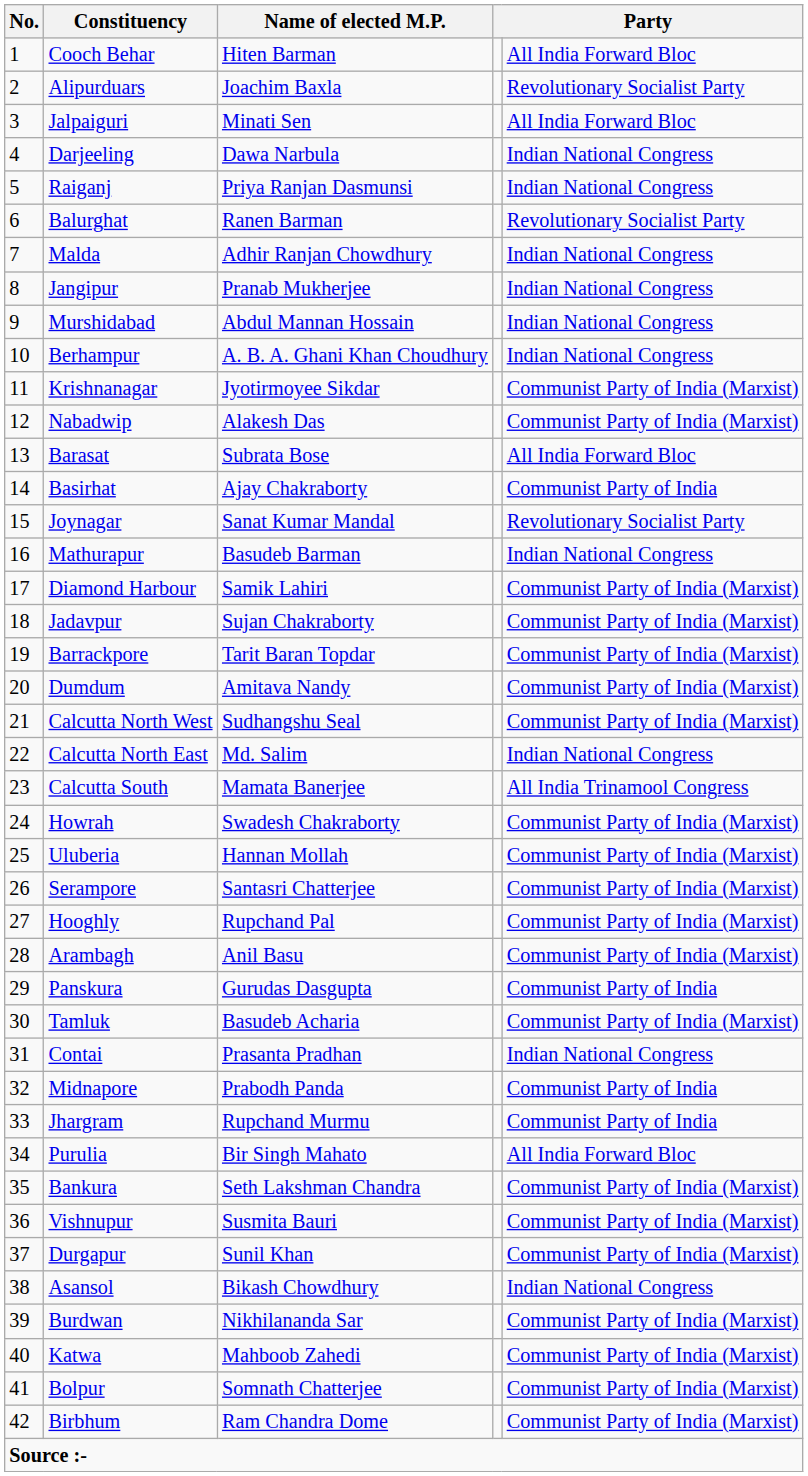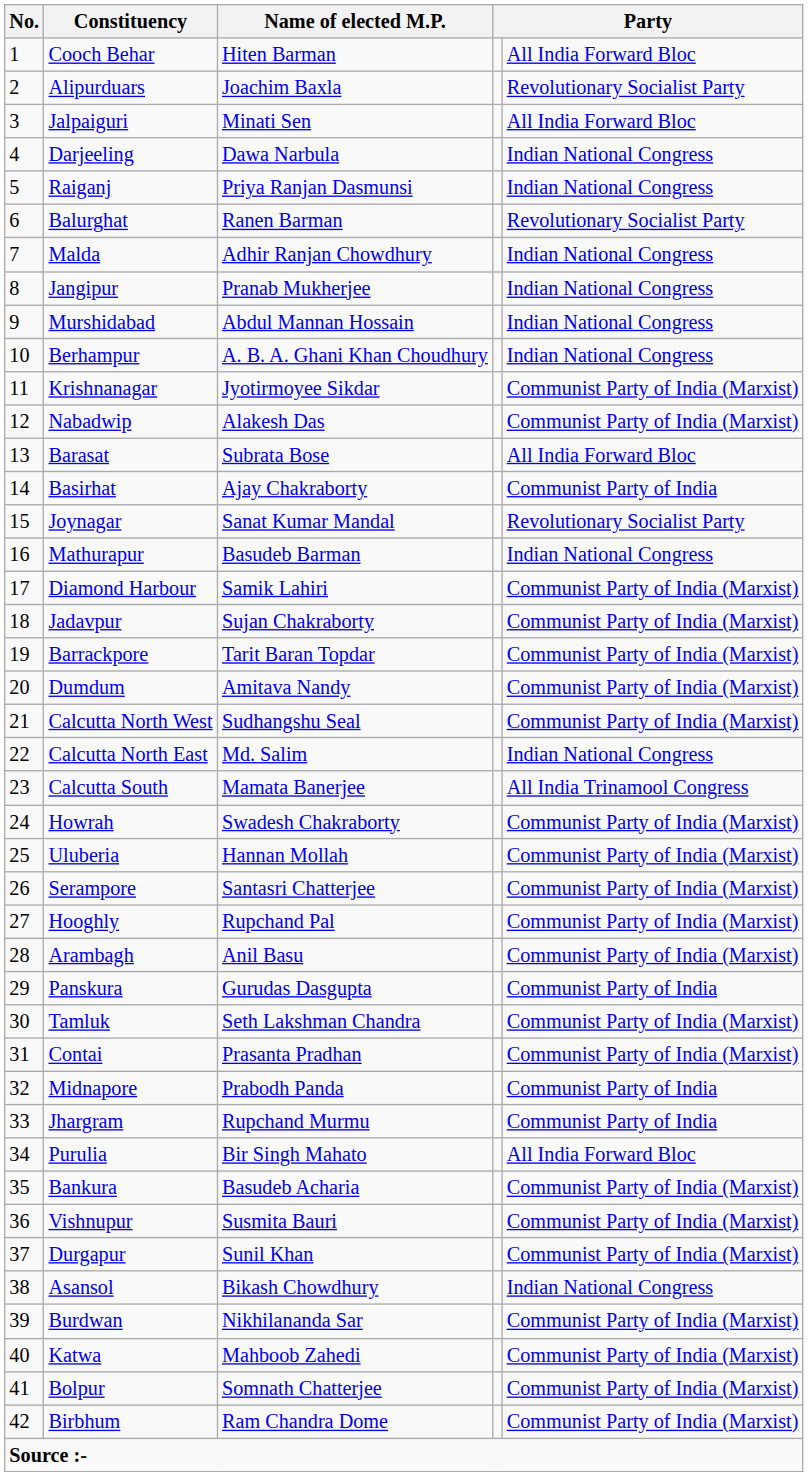 <table class="sortable wikitable" style="font-size: 95%;">
 <tr>
 <th>No.</th>
 <th>Constituency</th>
 <th>Name of elected M.P.</th>
 <th colspan="2">Party</th>
 </tr>
 <tr>
 <td>1</td>
 <td><a href='#'>Cooch Behar</a></td>
 <td><a href='#'>Hiten Barman</a></td>
 <td></td>
 <td><a href='#'>All India Forward Bloc</a></td>
 </tr>
 <tr>
 <td>2</td>
 <td><a href='#'>Alipurduars</a></td>
 <td><a href='#'>Joachim Baxla</a></td>
 <td></td>
 <td><a href='#'>Revolutionary Socialist Party</a></td>
 </tr>
 <tr>
 <td>3</td>
 <td><a href='#'>Jalpaiguri</a></td>
 <td><a href='#'>Minati Sen</a></td>
 <td></td>
 <td><a href='#'>All India Forward Bloc</a></td>
 </tr>
 <tr>
 <td>4</td>
 <td><a href='#'>Darjeeling</a></td>
 <td><a href='#'>Dawa Narbula</a></td>
 <td></td>
 <td><a href='#'>Indian National Congress</a></td>
 </tr>
 <tr>
 <td>5</td>
 <td><a href='#'>Raiganj</a></td>
 <td><a href='#'>Priya Ranjan Dasmunsi</a></td>
 <td></td>
 <td><a href='#'>Indian National Congress</a></td>
 </tr>
 <tr>
 <td>6</td>
 <td><a href='#'>Balurghat</a></td>
 <td><a href='#'>Ranen Barman</a></td>
 <td></td>
 <td><a href='#'>Revolutionary Socialist Party</a></td>
 </tr>
 <tr>
 <td>7</td>
 <td><a href='#'>Malda</a></td>
 <td><a href='#'>Adhir Ranjan Chowdhury</a></td>
 <td></td>
 <td><a href='#'>Indian National Congress</a></td>
 </tr>
 <tr>
 <td>8</td>
 <td><a href='#'>Jangipur</a></td>
 <td><a href='#'>Pranab Mukherjee</a></td>
 <td></td>
 <td><a href='#'>Indian National Congress</a></td>
 </tr>
 <tr>
 <td>9</td>
 <td><a href='#'>Murshidabad</a></td>
 <td><a href='#'>Abdul Mannan Hossain</a></td>
 <td></td>
 <td><a href='#'>Indian National Congress</a></td>
 </tr>
 <tr>
 <td>10</td>
 <td><a href='#'>Berhampur</a></td>
 <td><a href='#'>A. B. A. Ghani Khan Choudhury</a></td>
 <td></td>
 <td><a href='#'>Indian National Congress</a></td>
 </tr>
 <tr>
 <td>11</td>
 <td><a href='#'>Krishnanagar</a></td>
 <td><a href='#'>Jyotirmoyee Sikdar</a></td>
 <td></td>
 <td><a href='#'>Communist Party of India (Marxist)</a></td>
 </tr>
 <tr>
 <td>12</td>
 <td><a href='#'>Nabadwip</a></td>
 <td><a href='#'>Alakesh Das</a></td>
 <td></td>
 <td><a href='#'>Communist Party of India (Marxist)</a></td>
 </tr>
 <tr>
 <td>13</td>
 <td><a href='#'>Barasat</a></td>
 <td><a href='#'>Subrata Bose</a></td>
 <td></td>
 <td><a href='#'>All India Forward Bloc</a></td>
 </tr>
 <tr>
 <td>14</td>
 <td><a href='#'>Basirhat</a></td>
 <td><a href='#'>Ajay Chakraborty</a></td>
 <td></td>
 <td><a href='#'>Communist Party of India</a></td>
 </tr>
 <tr>
 <td>15</td>
 <td><a href='#'>Joynagar</a></td>
 <td><a href='#'>Sanat Kumar Mandal</a></td>
 <td></td>
 <td><a href='#'>Revolutionary Socialist Party</a></td>
 </tr>
 <tr>
 <td>16</td>
 <td><a href='#'>Mathurapur</a></td>
 <td><a href='#'>Basudeb Barman</a></td>
 <td></td>
 <td><a href='#'>Indian National Congress</a></td>
 </tr>
 <tr>
 <td>17</td>
 <td><a href='#'>Diamond Harbour</a></td>
 <td><a href='#'>Samik Lahiri</a></td>
 <td></td>
 <td><a href='#'>Communist Party of India (Marxist)</a></td>
 </tr>
 <tr>
 <td>18</td>
 <td><a href='#'>Jadavpur</a></td>
 <td><a href='#'>Sujan Chakraborty</a></td>
 <td></td>
 <td><a href='#'>Communist Party of India (Marxist)</a></td>
 </tr>
 <tr>
 <td>19</td>
 <td><a href='#'>Barrackpore</a></td>
 <td><a href='#'>Tarit Baran Topdar</a></td>
 <td></td>
 <td><a href='#'>Communist Party of India (Marxist)</a></td>
 </tr>
 <tr>
 <td>20</td>
 <td><a href='#'>Dumdum</a></td>
 <td><a href='#'>Amitava Nandy</a></td>
 <td></td>
 <td><a href='#'>Communist Party of India (Marxist)</a></td>
 </tr>
 <tr>
 <td>21</td>
 <td><a href='#'>Calcutta North West</a></td>
 <td><a href='#'>Sudhangshu Seal</a></td>
 <td></td>
 <td><a href='#'>Communist Party of India (Marxist)</a></td>
 </tr>
 <tr>
 <td>22</td>
 <td><a href='#'>Calcutta North East</a></td>
 <td><a href='#'>Md. Salim</a></td>
 <td></td>
 <td><a href='#'>Indian National Congress</a></td>
 </tr>
 <tr>
 <td>23</td>
 <td><a href='#'>Calcutta South</a></td>
 <td><a href='#'>Mamata Banerjee</a></td>
 <td></td>
 <td><a href='#'>All India Trinamool Congress</a></td>
 </tr>
 <tr>
 <td>24</td>
 <td><a href='#'>Howrah</a></td>
 <td><a href='#'>Swadesh Chakraborty</a></td>
 <td></td>
 <td><a href='#'>Communist Party of India (Marxist)</a></td>
 </tr>
 <tr>
 <td>25</td>
 <td><a href='#'>Uluberia</a></td>
 <td><a href='#'>Hannan Mollah</a></td>
 <td></td>
 <td><a href='#'>Communist Party of India (Marxist)</a></td>
 </tr>
 <tr>
 <td>26</td>
 <td><a href='#'>Serampore</a></td>
 <td><a href='#'>Santasri Chatterjee</a></td>
 <td></td>
 <td><a href='#'>Communist Party of India (Marxist)</a></td>
 </tr>
 <tr>
 <td>27</td>
 <td><a href='#'>Hooghly</a></td>
 <td><a href='#'>Rupchand Pal</a></td>
 <td></td>
 <td><a href='#'>Communist Party of India (Marxist)</a></td>
 </tr>
 <tr>
 <td>28</td>
 <td><a href='#'>Arambagh</a></td>
 <td><a href='#'>Anil Basu</a></td>
 <td></td>
 <td><a href='#'>Communist Party of India (Marxist)</a></td>
 </tr>
 <tr>
 <td>29</td>
 <td><a href='#'>Panskura</a></td>
 <td><a href='#'>Gurudas Dasgupta</a></td>
 <td></td>
 <td><a href='#'>Communist Party of India</a></td>
 </tr>
 <tr>
 <td>30</td>
 <td><a href='#'>Tamluk</a></td>
-<td><a href='#'>Basudeb Acharia</a></td>
+<td><a href='#'>Seth Lakshman Chandra</a></td>
 <td></td>
 <td><a href='#'>Communist Party of India (Marxist)</a></td>
 </tr>
 <tr>
 <td>31</td>
 <td><a href='#'>Contai</a></td>
 <td><a href='#'>Prasanta Pradhan</a></td>
 <td></td>
-<td><a href='#'>Indian National Congress</a></td>
+<td><a href='#'>Communist Party of India (Marxist)</a></td>
 </tr>
 <tr>
 <td>32</td>
 <td><a href='#'>Midnapore</a></td>
 <td><a href='#'>Prabodh Panda</a></td>
 <td></td>
 <td><a href='#'>Communist Party of India</a></td>
 </tr>
 <tr>
 <td>33</td>
 <td><a href='#'>Jhargram</a></td>
 <td><a href='#'>Rupchand Murmu</a></td>
 <td></td>
 <td><a href='#'>Communist Party of India</a></td>
 </tr>
 <tr>
 <td>34</td>
 <td><a href='#'>Purulia</a></td>
 <td><a href='#'>Bir Singh Mahato</a></td>
 <td></td>
 <td><a href='#'>All India Forward Bloc</a></td>
 </tr>
 <tr>
 <td>35</td>
 <td><a href='#'>Bankura</a></td>
-<td><a href='#'>Seth Lakshman Chandra</a></td>
+<td><a href='#'>Basudeb Acharia</a></td>
 <td></td>
 <td><a href='#'>Communist Party of India (Marxist)</a></td>
 </tr>
 <tr>
 <td>36</td>
 <td><a href='#'>Vishnupur</a></td>
 <td><a href='#'>Susmita Bauri</a></td>
 <td></td>
 <td><a href='#'>Communist Party of India (Marxist)</a></td>
 </tr>
 <tr>
 <td>37</td>
 <td><a href='#'>Durgapur</a></td>
 <td><a href='#'>Sunil Khan</a></td>
 <td></td>
 <td><a href='#'>Communist Party of India (Marxist)</a></td>
 </tr>
 <tr>
 <td>38</td>
 <td><a href='#'>Asansol</a></td>
 <td><a href='#'>Bikash Chowdhury</a></td>
 <td></td>
 <td><a href='#'>Indian National Congress</a></td>
 </tr>
 <tr>
 <td>39</td>
 <td><a href='#'>Burdwan</a></td>
 <td><a href='#'>Nikhilananda Sar</a></td>
 <td></td>
 <td><a href='#'>Communist Party of India (Marxist)</a></td>
 </tr>
 <tr>
 <td>40</td>
 <td><a href='#'>Katwa</a></td>
 <td><a href='#'>Mahboob Zahedi</a></td>
 <td></td>
 <td><a href='#'>Communist Party of India (Marxist)</a></td>
 </tr>
 <tr>
 <td>41</td>
 <td><a href='#'>Bolpur</a></td>
 <td><a href='#'>Somnath Chatterjee</a></td>
 <td></td>
 <td><a href='#'>Communist Party of India (Marxist)</a></td>
 </tr>
 <tr>
 <td>42</td>
 <td><a href='#'>Birbhum</a></td>
 <td><a href='#'>Ram Chandra Dome</a></td>
 <td></td>
 <td><a href='#'>Communist Party of India (Marxist)</a></td>
 </tr>
 <tr>
 <td colspan="5"><strong>Source :-</strong> </td>
 </tr>
 </table>
